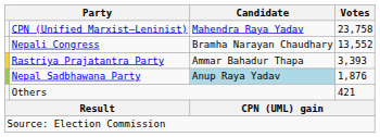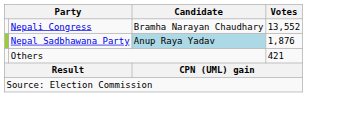 <table class="wikitable">
 <tr>
 <th colspan="2">Party</th>
 <th>Candidate</th>
 <th>Votes</th>
 </tr>
 <tr>
 <td style="background-color:"></td>
-<td><a href='#'>CPN (Unified Marxist–Leninist)</a></td>
-<td><a href='#'>Mahendra Raya Yadav</a></td>
-<td>23,758</td>
-</tr>
-<tr>
-<td style="background-color:"></td>
 <td><a href='#'>Nepali Congress</a></td>
 <td>Bramha Narayan Chaudhary</td>
 <td>13,552</td>
-</tr>
-<tr>
-<td style="background-color:gold"></td>
-<td><a href='#'>Rastriya Prajatantra Party</a></td>
-<td>Ammar Bahadur Thapa</td>
-<td>3,393</td>
 </tr>
 <tr>
 <td style="background-color:yellowgreen"></td>
 <td><a href='#'>Nepal Sadbhawana Party</a></td>
 <td style="background: lightblue;">Anup Raya Yadav</td>
 <td>1,876</td>
 </tr>
 <tr>
 <td></td>
 <td colspan="2">Others</td>
 <td>421</td>
 </tr>
 <tr>
 <th colspan="2">Result</th>
 <th colspan="2">CPN (UML) gain</th>
 </tr>
 <tr>
 <td colspan="4">Source: Election Commission</td>
 </tr>
 </table>
